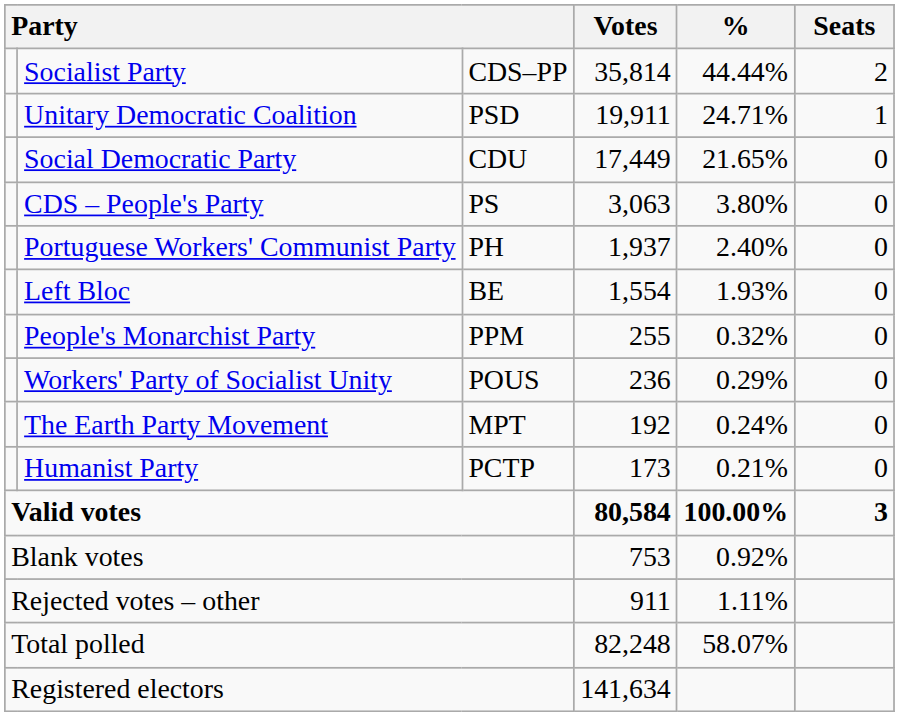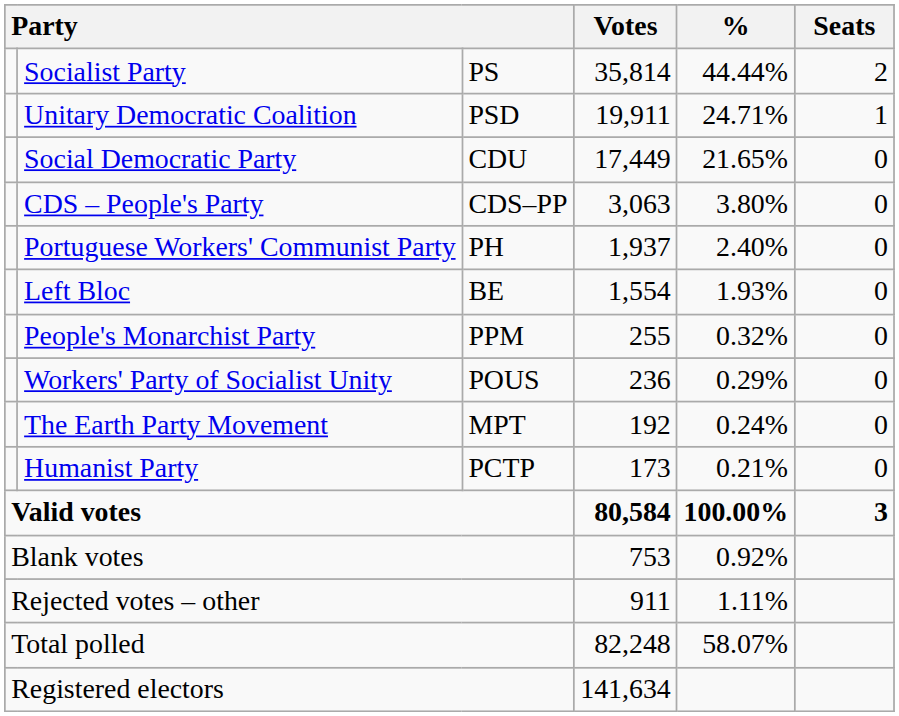 <table class="wikitable" border="1" style="text-align:right;">
 <tr>
 <th style="text-align:left;" colspan=3>Party</th>
 <th align=center width="50">Votes</th>
 <th align=center width="50">%</th>
 <th align=center width="50">Seats</th>
 </tr>
 <tr>
 <td></td>
 <td align=left><a href='#'>Socialist Party</a></td>
-<td align=left style="white-space: nowrap;">CDS–PP</td>
+<td align=left>PS</td>
 <td>35,814</td>
 <td>44.44%</td>
 <td>2</td>
 </tr>
 <tr>
 <td></td>
 <td align=left style="white-space: nowrap;"><a href='#'>Unitary Democratic Coalition</a></td>
 <td align=left>PSD</td>
 <td>19,911</td>
 <td>24.71%</td>
 <td>1</td>
 </tr>
 <tr>
 <td></td>
 <td align=left><a href='#'>Social Democratic Party</a></td>
 <td align=left>CDU</td>
 <td>17,449</td>
 <td>21.65%</td>
 <td>0</td>
 </tr>
 <tr>
 <td></td>
 <td align=left><a href='#'>CDS – People's Party</a></td>
-<td align=left>PS</td>
+<td align=left style="white-space: nowrap;">CDS–PP</td>
 <td>3,063</td>
 <td>3.80%</td>
 <td>0</td>
 </tr>
 <tr>
 <td></td>
 <td align=left><a href='#'>Portuguese Workers' Communist Party</a></td>
 <td align=left>PH</td>
 <td>1,937</td>
 <td>2.40%</td>
 <td>0</td>
 </tr>
 <tr>
 <td></td>
 <td align=left><a href='#'>Left Bloc</a></td>
 <td align=left>BE</td>
 <td>1,554</td>
 <td>1.93%</td>
 <td>0</td>
 </tr>
 <tr>
 <td></td>
 <td align=left><a href='#'>People's Monarchist Party</a></td>
 <td align=left>PPM</td>
 <td>255</td>
 <td>0.32%</td>
 <td>0</td>
 </tr>
 <tr>
 <td></td>
 <td align=left><a href='#'>Workers' Party of Socialist Unity</a></td>
 <td align=left>POUS</td>
 <td>236</td>
 <td>0.29%</td>
 <td>0</td>
 </tr>
 <tr>
 <td></td>
 <td align=left><a href='#'>The Earth Party Movement</a></td>
 <td align=left>MPT</td>
 <td>192</td>
 <td>0.24%</td>
 <td>0</td>
 </tr>
 <tr>
 <td></td>
 <td align=left><a href='#'>Humanist Party</a></td>
 <td align=left>PCTP</td>
 <td>173</td>
 <td>0.21%</td>
 <td>0</td>
 </tr>
 <tr style="font-weight:bold">
 <td align=left colspan=3>Valid votes</td>
 <td>80,584</td>
 <td>100.00%</td>
 <td>3</td>
 </tr>
 <tr>
 <td align=left colspan=3>Blank votes</td>
 <td>753</td>
 <td>0.92%</td>
 <td></td>
 </tr>
 <tr>
 <td align=left colspan=3>Rejected votes – other</td>
 <td>911</td>
 <td>1.11%</td>
 <td></td>
 </tr>
 <tr>
 <td align=left colspan=3>Total polled</td>
 <td>82,248</td>
 <td>58.07%</td>
 <td></td>
 </tr>
 <tr>
 <td align=left colspan=3>Registered electors</td>
 <td>141,634</td>
 <td></td>
 <td></td>
 </tr>
 </table>
